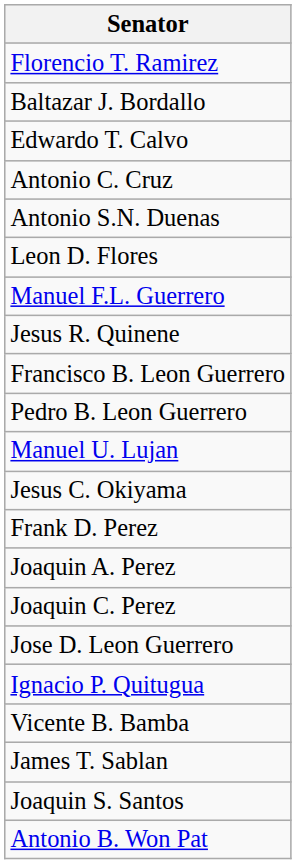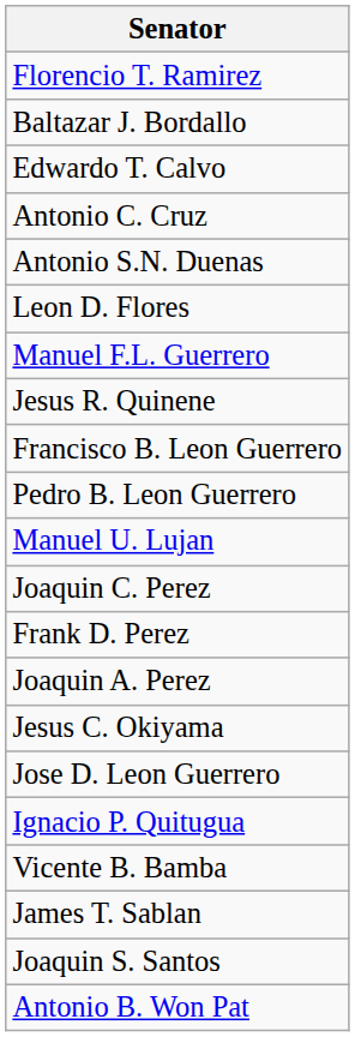 <table class="wikitable sortable" id="votingmembers">
 <tr style="vertical-align:bottom;">
 <th>Senator</th>
 </tr>
 <tr>
 <td><a href='#'>Florencio T. Ramirez</a></td>
 </tr>
 <tr>
 <td>Baltazar J. Bordallo</td>
 </tr>
 <tr>
 <td>Edwardo T. Calvo</td>
 </tr>
 <tr>
 <td>Antonio C. Cruz</td>
 </tr>
 <tr>
 <td>Antonio S.N. Duenas</td>
 </tr>
 <tr>
 <td>Leon D. Flores</td>
 </tr>
 <tr>
 <td><a href='#'>Manuel F.L. Guerrero</a></td>
 </tr>
 <tr>
 <td>Jesus R. Quinene</td>
 </tr>
 <tr>
 <td>Francisco B. Leon Guerrero</td>
 </tr>
 <tr>
 <td>Pedro B. Leon Guerrero</td>
 </tr>
 <tr>
 <td><a href='#'>Manuel U. Lujan</a></td>
 </tr>
 <tr>
-<td>Jesus C. Okiyama</td>
+<td>Joaquin C. Perez</td>
 </tr>
 <tr>
 <td>Frank D. Perez</td>
 </tr>
 <tr>
 <td>Joaquin A. Perez</td>
 </tr>
 <tr>
-<td>Joaquin C. Perez</td>
+<td>Jesus C. Okiyama</td>
 </tr>
 <tr>
 <td>Jose D. Leon Guerrero</td>
 </tr>
 <tr>
 <td><a href='#'>Ignacio P. Quitugua</a></td>
 </tr>
 <tr>
 <td>Vicente B. Bamba</td>
 </tr>
 <tr>
 <td>James T. Sablan</td>
 </tr>
 <tr>
 <td>Joaquin S. Santos</td>
 </tr>
 <tr>
 <td><a href='#'>Antonio B. Won Pat</a></td>
 </tr>
 </table>
